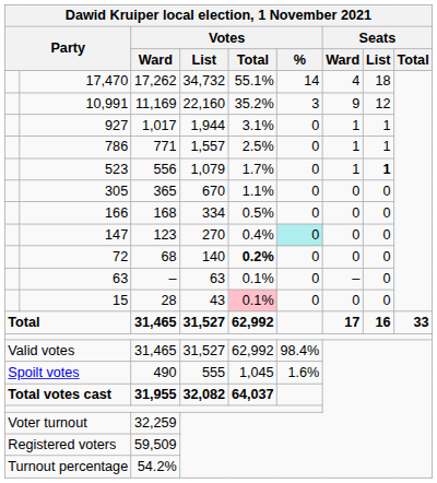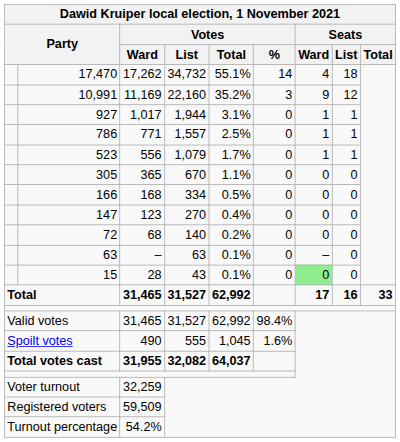 <table class=wikitable style="text-align:right">
 <tr>
 <th colspan="9" align="center">Dawid Kruiper local election, 1 November 2021</th>
 </tr>
 <tr>
 <th rowspan="2" colspan="2">Party</th>
 <th colspan="4" align="center">Votes</th>
 <th colspan="3" align="center">Seats</th>
 </tr>
 <tr>
 <th>Ward</th>
 <th>List</th>
 <th>Total</th>
 <th>%</th>
 <th>Ward</th>
 <th>List</th>
 <th>Total</th>
 </tr>
 <tr>
 <td></td>
 <td>17,470</td>
 <td>17,262</td>
 <td>34,732</td>
 <td>55.1%</td>
 <td>14</td>
 <td>4</td>
 <td>18</td>
 </tr>
 <tr>
 <td></td>
 <td>10,991</td>
 <td>11,169</td>
 <td>22,160</td>
 <td>35.2%</td>
 <td>3</td>
 <td>9</td>
 <td>12</td>
 </tr>
 <tr>
 <td></td>
 <td>927</td>
 <td>1,017</td>
 <td>1,944</td>
 <td>3.1%</td>
 <td>0</td>
 <td>1</td>
 <td>1</td>
 </tr>
 <tr>
 <td></td>
 <td>786</td>
 <td>771</td>
 <td>1,557</td>
 <td>2.5%</td>
 <td>0</td>
 <td>1</td>
 <td>1</td>
 </tr>
 <tr>
 <td></td>
 <td>523</td>
 <td>556</td>
 <td>1,079</td>
 <td>1.7%</td>
 <td>0</td>
 <td>1</td>
-<td><strong>1</strong></td>
+<td>1</td>
 </tr>
 <tr>
 <td></td>
 <td>305</td>
 <td>365</td>
 <td>670</td>
 <td>1.1%</td>
 <td>0</td>
 <td>0</td>
 <td>0</td>
 </tr>
 <tr>
 <td></td>
 <td>166</td>
 <td>168</td>
 <td>334</td>
 <td>0.5%</td>
 <td>0</td>
 <td>0</td>
 <td>0</td>
 </tr>
 <tr>
 <td></td>
 <td>147</td>
 <td>123</td>
 <td>270</td>
 <td>0.4%</td>
-<td style="background: paleturquoise;">0</td>
+<td>0</td>
 <td>0</td>
 <td>0</td>
 </tr>
 <tr>
 <td></td>
 <td>72</td>
 <td>68</td>
 <td>140</td>
-<td><strong>0.2%</strong></td>
+<td>0.2%</td>
 <td>0</td>
 <td>0</td>
 <td>0</td>
 </tr>
 <tr>
 <td></td>
 <td>63</td>
 <td>–</td>
 <td>63</td>
 <td>0.1%</td>
 <td>0</td>
 <td>–</td>
 <td>0</td>
 </tr>
 <tr>
 <td></td>
 <td>15</td>
 <td>28</td>
 <td>43</td>
-<td style="background: pink;">0.1%</td>
+<td>0.1%</td>
 <td>0</td>
-<td>0</td>
+<td style="background: lightgreen;">0</td>
 <td>0</td>
 </tr>
 <tr>
 <td colspan="2" style="text-align:left"><strong>Total</strong></td>
 <td><strong>31,465</strong></td>
 <td><strong>31,527</strong></td>
 <td><strong>62,992</strong></td>
 <td></td>
 <td><strong>17</strong></td>
 <td><strong>16</strong></td>
 <td><strong>33</strong></td>
 </tr>
 <tr>
 <td colspan="9"></td>
 </tr>
 <tr>
 <td colspan="2" style="text-align:left">Valid votes</td>
 <td>31,465</td>
 <td>31,527</td>
 <td>62,992</td>
 <td>98.4%</td>
 </tr>
 <tr>
 <td colspan="2" style="text-align:left"><a href='#'>Spoilt votes</a></td>
 <td>490</td>
 <td>555</td>
 <td>1,045</td>
 <td>1.6%</td>
 </tr>
 <tr>
 <td colspan="2" style="text-align:left"><strong>Total votes cast</strong></td>
 <td><strong>31,955</strong></td>
 <td><strong>32,082</strong></td>
 <td><strong>64,037</strong></td>
 <td></td>
 </tr>
 <tr>
 <td colspan="6"></td>
 </tr>
 <tr>
 <td colspan="2" style="text-align:left">Voter turnout</td>
 <td>32,259</td>
 </tr>
 <tr>
 <td colspan="2" style="text-align:left">Registered voters</td>
 <td>59,509</td>
 </tr>
 <tr>
 <td colspan="2" style="text-align:left">Turnout percentage</td>
 <td>54.2%</td>
 </tr>
 </table>
